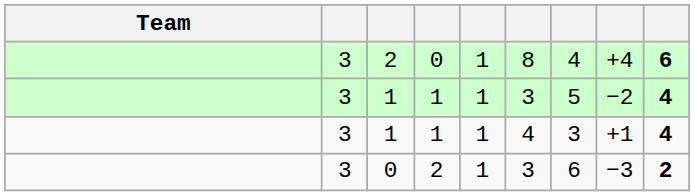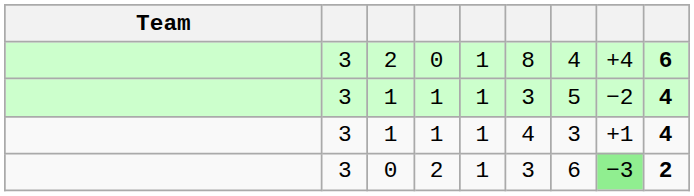 <table class="wikitable" style="text-align: center;">
 <tr>
 <th width="175">Team</th>
 <th width="20"></th>
 <th width="20"></th>
 <th width="20"></th>
 <th width="20"></th>
 <th width="20"></th>
 <th width="20"></th>
 <th width="20"></th>
 <th width="20"></th>
 </tr>
 <tr bgcolor=#ccffcc>
 <td align=left></td>
 <td>3</td>
 <td>2</td>
 <td>0</td>
 <td>1</td>
 <td>8</td>
 <td>4</td>
 <td>+4</td>
 <td><strong>6</strong></td>
 </tr>
 <tr bgcolor=#ccffcc>
 <td align=left></td>
 <td>3</td>
 <td>1</td>
 <td>1</td>
 <td>1</td>
 <td>3</td>
 <td>5</td>
 <td>−2</td>
 <td><strong>4</strong></td>
 </tr>
 <tr>
 <td align=left></td>
 <td>3</td>
 <td>1</td>
 <td>1</td>
 <td>1</td>
 <td>4</td>
 <td>3</td>
 <td>+1</td>
 <td><strong>4</strong></td>
 </tr>
 <tr>
 <td align=left></td>
 <td>3</td>
 <td>0</td>
 <td>2</td>
 <td>1</td>
 <td>3</td>
 <td>6</td>
-<td>−3</td>
+<td style="background: lightgreen;">−3</td>
 <td><strong>2</strong></td>
 </tr>
 </table>
